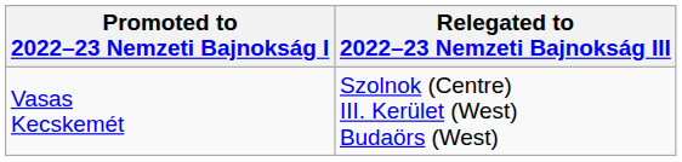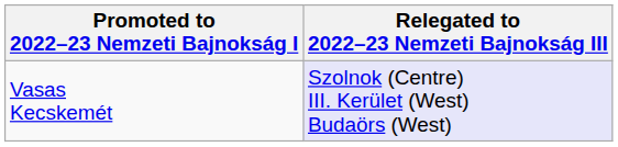 <table class="wikitable">
 <tr>
 <th>Promoted to<br><a href='#'>2022–23 Nemzeti Bajnokság I</a></th>
 <th>Relegated to<br><a href='#'>2022–23 Nemzeti Bajnokság III</a></th>
 </tr>
 <tr>
 <td> <a href='#'>Vasas</a><br> <a href='#'>Kecskemét</a></td>
-<td> <a href='#'>Szolnok</a> (Centre)<br> <a href='#'>III. Kerület</a> (West)<br> <a href='#'>Budaörs</a> (West)</td>
+<td style="background: lavender;"> <a href='#'>Szolnok</a> (Centre)<br> <a href='#'>III. Kerület</a> (West)<br> <a href='#'>Budaörs</a> (West)</td>
 </tr>
 </table>
